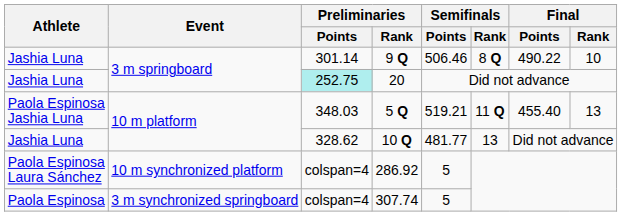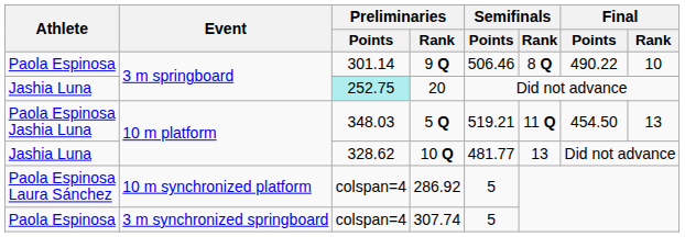 <table class=wikitable style="font-size:90%">
 <tr>
 <th rowspan="2">Athlete</th>
 <th rowspan="2">Event</th>
 <th colspan="2">Preliminaries</th>
 <th colspan="2">Semifinals</th>
 <th colspan="2">Final</th>
 </tr>
 <tr style="font-size:95%">
 <th>Points</th>
 <th>Rank</th>
 <th>Points</th>
 <th>Rank</th>
 <th>Points</th>
 <th>Rank</th>
 </tr>
 <tr align=center>
-<td align=left><a href='#'>Jashia Luna</a></td>
+<td align=left><a href='#'>Paola Espinosa</a></td>
 <td align=left rowspan=2><a href='#'>3 m springboard</a></td>
 <td>301.14</td>
 <td>9 <strong>Q</strong></td>
 <td>506.46</td>
 <td>8 <strong>Q</strong></td>
 <td>490.22</td>
 <td>10</td>
 </tr>
 <tr align=center>
 <td align=left><a href='#'>Jashia Luna</a></td>
 <td style="background: paleturquoise;">252.75</td>
 <td>20</td>
 <td colspan=4>Did not advance</td>
 </tr>
 <tr align=center>
 <td align=left><a href='#'>Paola Espinosa</a><br><a href='#'>Jashia Luna</a></td>
 <td align=left rowspan=2><a href='#'>10 m platform</a></td>
 <td>348.03</td>
 <td>5 <strong>Q</strong></td>
 <td>519.21</td>
 <td>11 <strong>Q</strong></td>
-<td>455.40</td>
+<td>454.50</td>
 <td>13</td>
 </tr>
 <tr align=center>
 <td align=left><a href='#'>Jashia Luna</a></td>
 <td>328.62</td>
 <td>10 <strong>Q</strong></td>
 <td>481.77</td>
 <td>13</td>
 <td colspan=2>Did not advance</td>
 </tr>
 <tr align=center>
 <td align=left><a href='#'>Paola Espinosa</a><br><a href='#'>Laura Sánchez</a></td>
 <td align=left><a href='#'>10 m synchronized platform</a></td>
 <td>colspan=4 </td>
 <td>286.92</td>
 <td>5</td>
 </tr>
 <tr align=center>
 <td align=left><a href='#'>Paola Espinosa</a></td>
 <td align=left><a href='#'>3 m synchronized springboard</a></td>
 <td>colspan=4 </td>
 <td>307.74</td>
 <td>5</td>
 </tr>
 </table>
